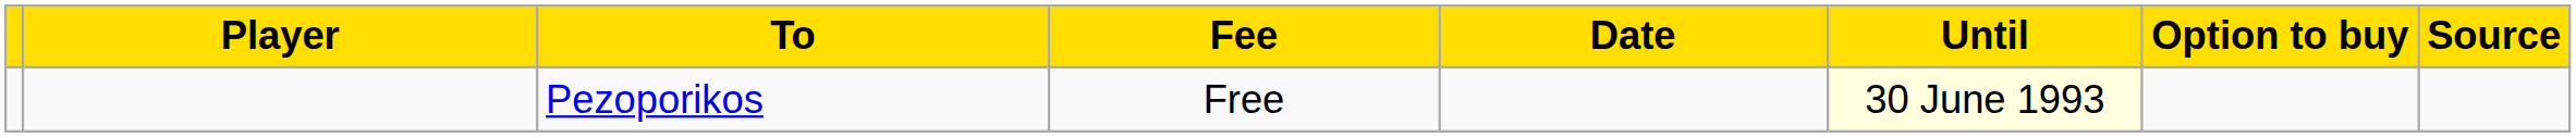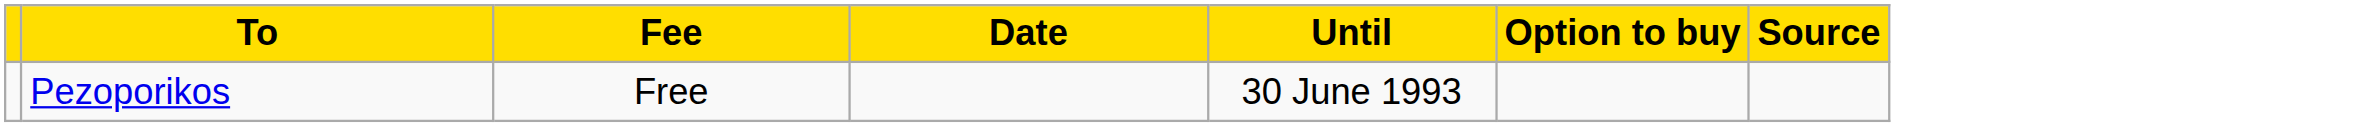 <table class="wikitable sortable">
 <tr>
 <th style="background:#FFDE00"></th>
-<th width=200 style="background:#FFDE00">Player</th>
 <th width=200 style="background:#FFDE00">To</th>
 <th width=150 style="background:#FFDE00">Fee</th>
 <th width=150 style="background:#FFDE00">Date</th>
 <th width=120 style="background:#FFDE00">Until</th>
 <th style="background:#FFDE00">Option to buy</th>
 <th style="background:#FFDE00">Source</th>
 </tr>
 <tr>
 <td align=center></td>
-<td></td>
 <td> <a href='#'>Pezoporikos</a></td>
 <td align=center>Free</td>
 <td align=center></td>
-<td align=center style="background: lightyellow;">30 June 1993</td>
+<td align=center>30 June 1993</td>
 <td align=center></td>
 <td align=center></td>
 </tr>
 </table>
